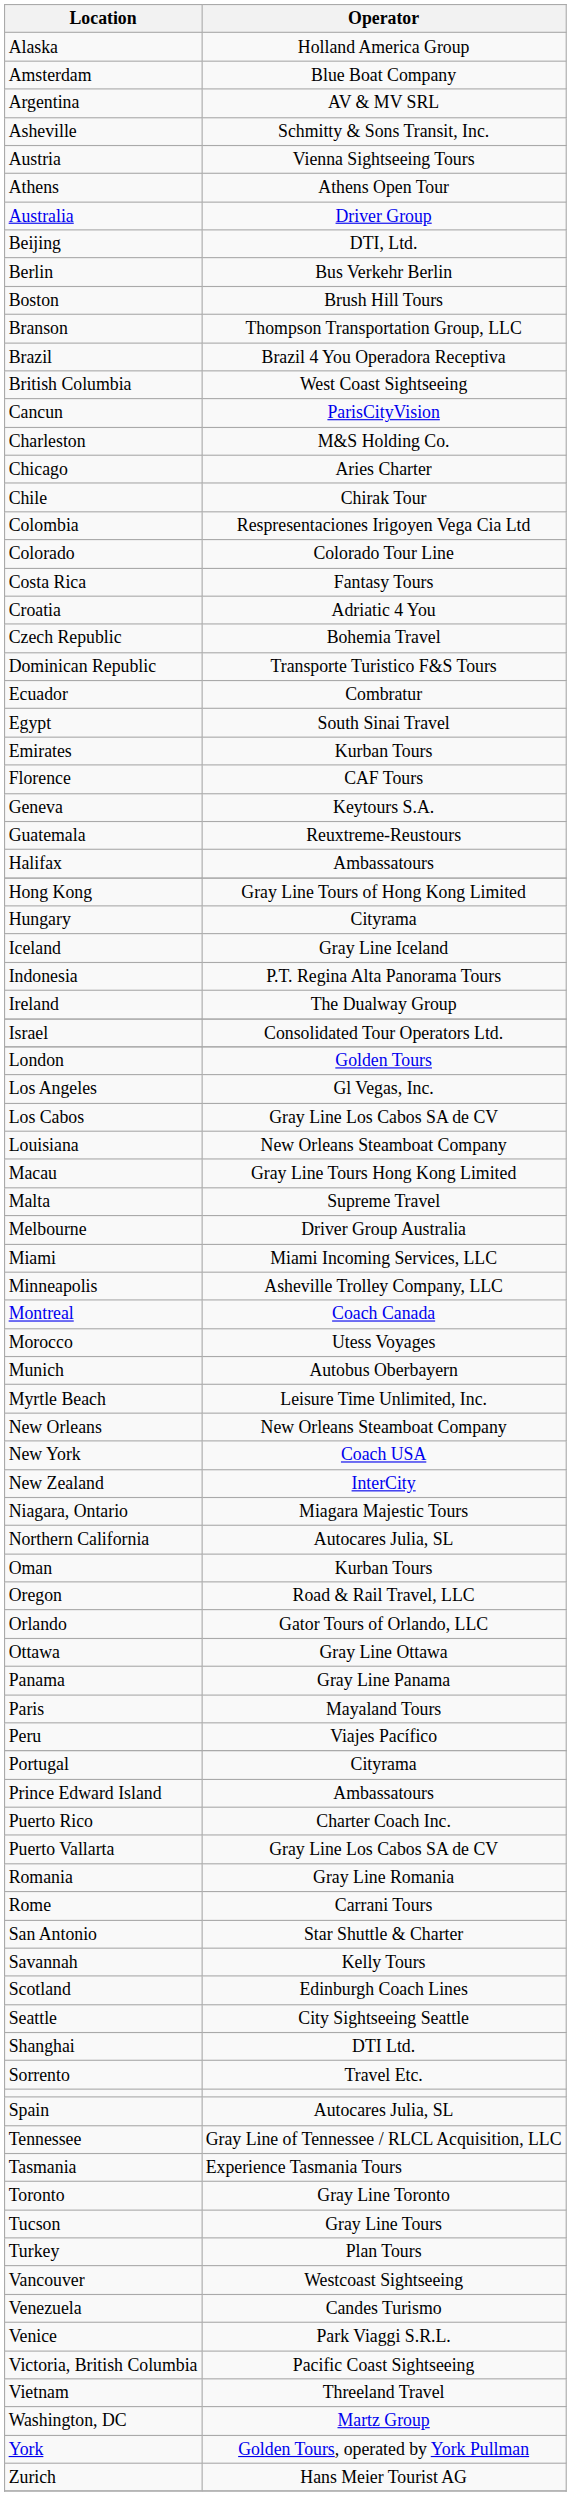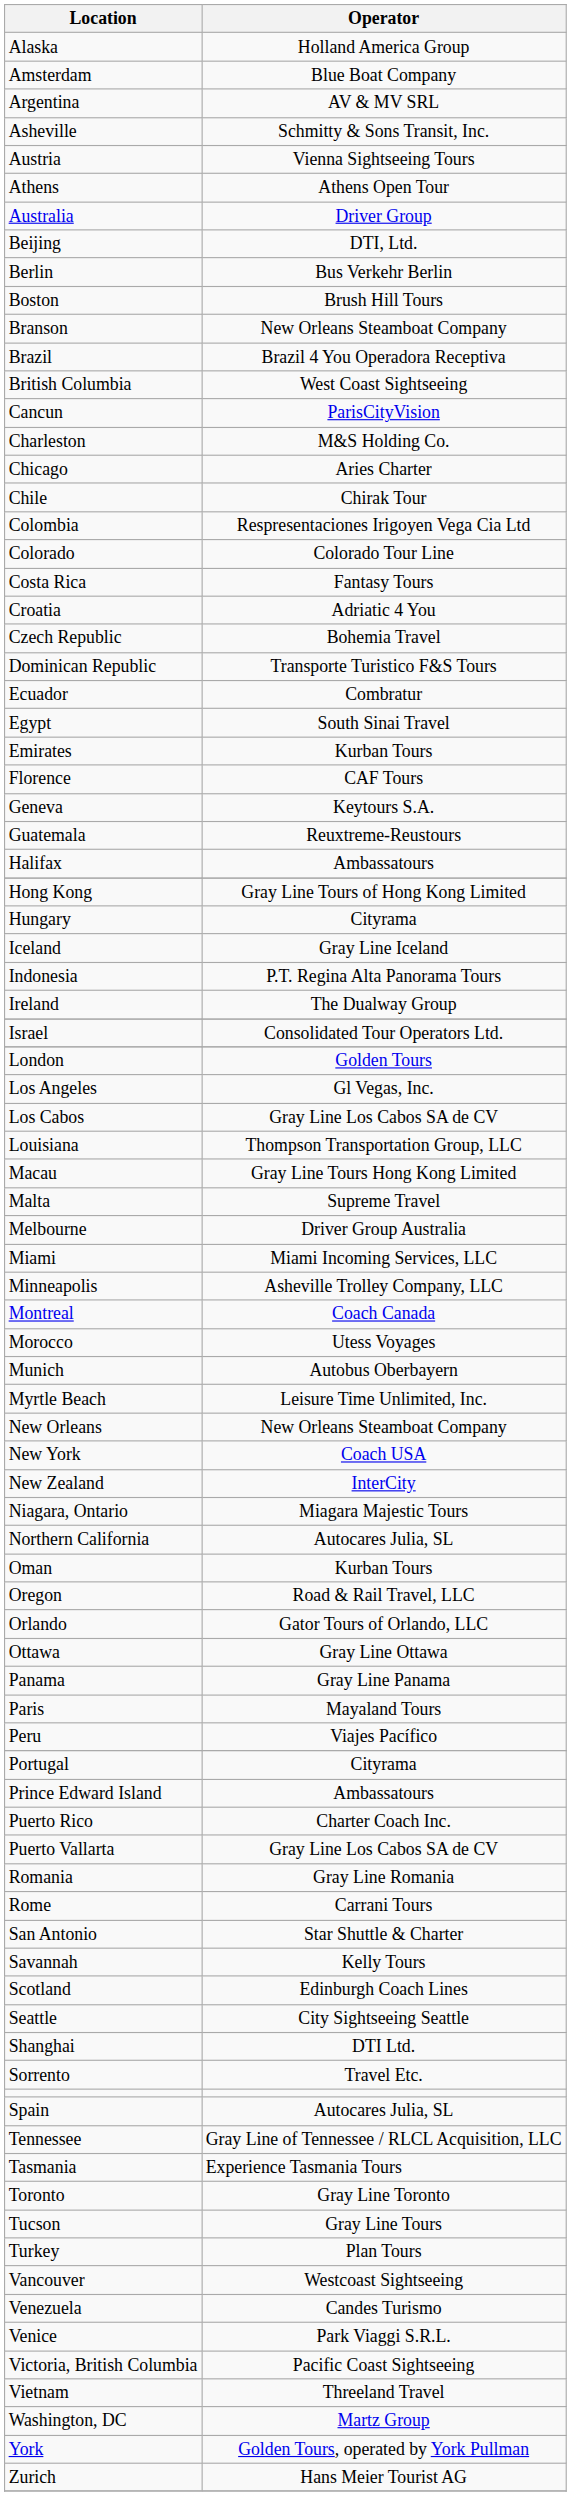 <table class="wikitable sortable">
 <tr>
 <th scope="col">Location</th>
 <th scope="col">Operator</th>
 </tr>
 <tr>
 <td style="white-space:nowrap">Alaska</td>
 <td style="text-align:Center;">Holland America Group</td>
 </tr>
 <tr>
 <td style="white-space:nowrap">Amsterdam</td>
 <td style="text-align:Center;">Blue Boat Company</td>
 </tr>
 <tr>
 <td style="white-space:nowrap">Argentina</td>
 <td style="text-align:Center;">AV & MV SRL</td>
 </tr>
 <tr>
 <td style="white-space:nowrap">Asheville</td>
 <td style="text-align:Center;">Schmitty & Sons Transit, Inc.</td>
 </tr>
 <tr>
 <td style="white-space:nowrap">Austria</td>
 <td style="text-align:Center;">Vienna Sightseeing Tours</td>
 </tr>
 <tr>
 <td style="white-space:nowrap">Athens</td>
 <td style="text-align:Center;">Athens Open Tour</td>
 </tr>
 <tr>
 <td style="white-space:nowrap"><a href='#'>Australia</a></td>
 <td style="text-align:Center;"><a href='#'>Driver Group</a></td>
 </tr>
 <tr>
 <td style="white-space:nowrap">Beijing</td>
 <td style="text-align:Center;">DTI, Ltd.</td>
 </tr>
 <tr>
 <td style="white-space:nowrap">Berlin</td>
 <td style="text-align:Center;">Bus Verkehr Berlin</td>
 </tr>
 <tr>
 <td style="white-space:nowrap">Boston</td>
 <td style="text-align:Center;">Brush Hill Tours</td>
 </tr>
 <tr>
 <td style="white-space:nowrap">Branson</td>
-<td style="text-align:Center;">Thompson Transportation Group, LLC</td>
+<td style="text-align:Center;">New Orleans Steamboat Company</td>
 </tr>
 <tr>
 <td style="white-space:nowrap">Brazil</td>
 <td style="text-align:Center;">Brazil 4 You Operadora Receptiva</td>
 </tr>
 <tr>
 <td style="white-space:nowrap">British Columbia</td>
 <td style="text-align:Center;">West Coast Sightseeing</td>
 </tr>
 <tr>
 <td style="white-space:nowrap">Cancun</td>
 <td style="text-align:Center;"><a href='#'>ParisCityVision</a></td>
 </tr>
 <tr>
 <td style="white-space:nowrap">Charleston</td>
 <td style="text-align:Center;">M&S Holding Co.</td>
 </tr>
 <tr>
 <td style="white-space:nowrap">Chicago</td>
 <td style="text-align:Center;">Aries Charter</td>
 </tr>
 <tr>
 <td style="white-space:nowrap">Chile</td>
 <td style="text-align:Center;">Chirak Tour</td>
 </tr>
 <tr>
 <td style="white-space:nowrap">Colombia</td>
 <td style="text-align:Center;">Respresentaciones Irigoyen Vega Cia Ltd</td>
 </tr>
 <tr>
 <td style="white-space:nowrap">Colorado</td>
 <td style="text-align:Center;">Colorado Tour Line</td>
 </tr>
 <tr>
 <td style="white-space:nowrap">Costa Rica</td>
 <td style="text-align:Center;">Fantasy Tours</td>
 </tr>
 <tr>
 <td style="white-space:nowrap">Croatia</td>
 <td style="text-align:Center;">Adriatic 4 You</td>
 </tr>
 <tr>
 <td style="white-space:nowrap">Czech Republic</td>
 <td style="text-align:Center;">Bohemia Travel</td>
 </tr>
 <tr>
 <td style="white-space:nowrap">Dominican Republic</td>
 <td style="text-align:Center;">Transporte Turistico F&S Tours</td>
 </tr>
 <tr>
 <td style="white-space:nowrap">Ecuador</td>
 <td style="text-align:Center;">Combratur</td>
 </tr>
 <tr>
 <td style="white-space:nowrap">Egypt</td>
 <td style="text-align:Center;">South Sinai Travel</td>
 </tr>
 <tr>
 <td style="white-space:nowrap">Emirates</td>
 <td style="text-align:Center;">Kurban Tours</td>
 </tr>
 <tr>
 <td style="white-space:nowrap">Florence</td>
 <td style="text-align:Center;">CAF Tours</td>
 </tr>
 <tr>
 <td style="white-space:nowrap">Geneva</td>
 <td style="text-align:Center;">Keytours S.A.</td>
 </tr>
 <tr>
 <td style="white-space:nowrap">Guatemala</td>
 <td style="text-align:Center;">Reuxtreme-Reustours</td>
 </tr>
 <tr>
 <td style="white-space:nowrap">Halifax</td>
 <td style="text-align:Center;">Ambassatours</td>
 </tr>
 <tr>
 </tr>
 <tr>
 <td style="white-space:nowrap">Hong Kong</td>
 <td style="text-align:Center;">Gray Line Tours of Hong Kong Limited</td>
 </tr>
 <tr>
 <td style="white-space:nowrap">Hungary</td>
 <td style="text-align:Center;">Cityrama</td>
 </tr>
 <tr>
 <td style="white-space:nowrap">Iceland</td>
 <td style="text-align:Center;">Gray Line Iceland</td>
 </tr>
 <tr>
 <td style="white-space:nowrap">Indonesia</td>
 <td style="text-align:Center;">P.T. Regina Alta Panorama Tours</td>
 </tr>
 <tr>
 <td style="white-space:nowrap">Ireland</td>
 <td style="text-align:Center;">The Dualway Group</td>
 </tr>
 <tr>
 </tr>
 <tr>
 <td style="white-space:nowrap">Israel</td>
 <td style="text-align:Center;">Consolidated Tour Operators Ltd.</td>
 </tr>
 <tr>
 </tr>
 <tr | style="white-space:nowrap" | Las Vegas || style="text-align:Center;" |GL Vegas, Inc.>
 </tr>
 <tr>
 <td style="white-space:nowrap">London</td>
 <td style="text-align:Center;"><a href='#'>Golden Tours</a></td>
 </tr>
 <tr>
 <td style="white-space:nowrap">Los Angeles</td>
 <td style="text-align:Center;">Gl Vegas, Inc.</td>
 </tr>
 <tr>
 <td style="white-space:nowrap">Los Cabos</td>
 <td style="text-align:Center;">Gray Line Los Cabos SA de CV</td>
 </tr>
 <tr>
 <td style="white-space:nowrap">Louisiana</td>
-<td style="text-align:Center;">New Orleans Steamboat Company</td>
+<td style="text-align:Center;">Thompson Transportation Group, LLC</td>
 </tr>
 <tr>
 <td style="white-space:nowrap">Macau</td>
 <td style="text-align:Center;">Gray Line Tours Hong Kong Limited</td>
 </tr>
 <tr>
 <td style="white-space:nowrap">Malta</td>
 <td style="text-align:Center;">Supreme Travel</td>
 </tr>
 <tr>
 <td style="white-space:nowrap">Melbourne</td>
 <td style="text-align:Center;">Driver Group Australia</td>
 </tr>
 <tr>
 <td style="white-space:nowrap">Miami</td>
 <td style="text-align:Center;">Miami Incoming Services, LLC</td>
 </tr>
 <tr>
 <td style="white-space:nowrap">Minneapolis</td>
 <td style="text-align:Center;">Asheville Trolley Company, LLC</td>
 </tr>
 <tr>
 <td style="white-space:nowrap"><a href='#'>Montreal</a></td>
 <td style="text-align:Center;"><a href='#'>Coach Canada</a></td>
 </tr>
 <tr>
 <td style="white-space:nowrap">Morocco</td>
 <td style="text-align:Center;">Utess Voyages</td>
 </tr>
 <tr>
 <td style="white-space:nowrap">Munich</td>
 <td style="text-align:Center;">Autobus Oberbayern</td>
 </tr>
 <tr>
 <td style="white-space:nowrap">Myrtle Beach</td>
 <td style="text-align:Center;">Leisure Time Unlimited, Inc.</td>
 </tr>
 <tr>
 <td style="white-space:nowrap">New Orleans</td>
 <td style="text-align:Center;">New Orleans Steamboat Company</td>
 </tr>
 <tr>
 <td style="white-space:nowrap">New York</td>
 <td style="text-align:Center;"><a href='#'>Coach USA</a></td>
 </tr>
 <tr>
 <td style="white-space:nowrap">New Zealand</td>
 <td style="text-align:Center;"><a href='#'>InterCity</a></td>
 </tr>
 <tr>
 <td style="white-space:nowrap">Niagara, Ontario</td>
 <td style="text-align:Center;">Miagara Majestic Tours</td>
 </tr>
 <tr>
 <td style="white-space:nowrap">Northern California</td>
 <td style="text-align:Center;">Autocares Julia, SL</td>
 </tr>
 <tr>
 <td style="white-space:nowrap">Oman</td>
 <td style="text-align:Center;">Kurban Tours</td>
 </tr>
 <tr>
 <td style="white-space:nowrap">Oregon</td>
 <td style="text-align:Center;">Road & Rail Travel, LLC</td>
 </tr>
 <tr>
 <td style="white-space:nowrap">Orlando</td>
 <td style="text-align:Center;">Gator Tours of Orlando, LLC</td>
 </tr>
 <tr>
 <td style="white-space:nowrap">Ottawa</td>
 <td style="text-align:Center;">Gray Line Ottawa</td>
 </tr>
 <tr>
 <td style="white-space:nowrap">Panama</td>
 <td style="text-align:Center;">Gray Line Panama</td>
 </tr>
 <tr>
 <td style="white-space:nowrap">Paris</td>
 <td style="text-align:Center;">Mayaland Tours</td>
 </tr>
 <tr>
 <td style="white-space:nowrap">Peru</td>
 <td style="text-align:Center;">Viajes Pacífico</td>
 </tr>
 <tr>
 </tr>
 <tr>
 <td style="white-space:nowrap">Portugal</td>
 <td style="text-align:Center;">Cityrama</td>
 </tr>
 <tr>
 <td style="white-space:nowrap">Prince Edward Island</td>
 <td style="text-align:Center;">Ambassatours</td>
 </tr>
 <tr>
 <td style="white-space:nowrap">Puerto Rico</td>
 <td style="text-align:Center;">Charter Coach Inc.</td>
 </tr>
 <tr>
 <td style="white-space:nowrap">Puerto Vallarta</td>
 <td style="text-align:Center;">Gray Line Los Cabos SA de CV</td>
 </tr>
 <tr>
 <td style="white-space:nowrap">Romania</td>
 <td style="text-align:Center;">Gray Line Romania</td>
 </tr>
 <tr>
 <td style="white-space:nowrap">Rome</td>
 <td style="text-align:Center;">Carrani Tours</td>
 </tr>
 <tr>
 <td style="white-space:nowrap">San Antonio</td>
 <td style="text-align:Center;">Star Shuttle & Charter</td>
 </tr>
 <tr>
 <td style="white-space:nowrap">Savannah</td>
 <td style="text-align:Center;">Kelly Tours</td>
 </tr>
 <tr>
 <td style="white-space:nowrap">Scotland</td>
 <td style="text-align:Center;">Edinburgh Coach Lines</td>
 </tr>
 <tr>
 <td style="white-space:nowrap">Seattle</td>
 <td style="text-align:Center;">City Sightseeing Seattle</td>
 </tr>
 <tr>
 <td style="white-space:nowrap">Shanghai</td>
 <td style="text-align:Center;">DTI Ltd.</td>
 </tr>
 <tr>
 <td style="white-space:nowrap">Sorrento</td>
 <td style="text-align:Center;">Travel Etc.</td>
 </tr>
 <tr>
 <td></td>
 <td></td>
 </tr>
 <tr>
 <td style="white-space:nowrap">Spain</td>
 <td style="text-align:Center;">Autocares Julia, SL</td>
 </tr>
 <tr>
 <td style="white-space:nowrap">Tennessee</td>
 <td style="text-align:Center;">Gray Line of Tennessee / RLCL Acquisition, LLC</td>
 </tr>
 <tr>
 <td>Tasmania</td>
 <td>Experience Tasmania Tours</td>
 </tr>
 <tr>
 <td style="white-space:nowrap">Toronto</td>
 <td style="text-align:Center;">Gray Line Toronto</td>
 </tr>
 <tr>
 <td style="white-space:nowrap">Tucson</td>
 <td style="text-align:Center;">Gray Line Tours</td>
 </tr>
 <tr>
 <td style="white-space:nowrap">Turkey</td>
 <td style="text-align:Center;">Plan Tours</td>
 </tr>
 <tr>
 <td style="white-space:nowrap">Vancouver</td>
 <td style="text-align:Center;">Westcoast Sightseeing</td>
 </tr>
 <tr>
 <td style="white-space:nowrap">Venezuela</td>
 <td style="text-align:Center;">Candes Turismo</td>
 </tr>
 <tr>
 <td style="white-space:nowrap">Venice</td>
 <td style="text-align:Center;">Park Viaggi S.R.L.</td>
 </tr>
 <tr>
 <td style="white-space:nowrap">Victoria, British Columbia</td>
 <td style="text-align:Center;">Pacific Coast Sightseeing</td>
 </tr>
 <tr>
 <td style="white-space:nowrap">Vietnam</td>
 <td style="text-align:Center;">Threeland Travel</td>
 </tr>
 <tr>
 <td style="white-space:nowrap">Washington, DC</td>
 <td style="text-align:Center;"><a href='#'>Martz Group</a></td>
 </tr>
 <tr>
 <td style="white-space:nowrap"><a href='#'>York</a></td>
 <td style="text-align:Center;"><a href='#'>Golden Tours</a>, operated by <a href='#'>York Pullman</a></td>
 </tr>
 <tr>
 <td style="white-space:nowrap">Zurich</td>
 <td style="text-align:Center;">Hans Meier Tourist AG</td>
 </tr>
 <tr>
 </tr>
 <tr>
 </tr>
 </table>
